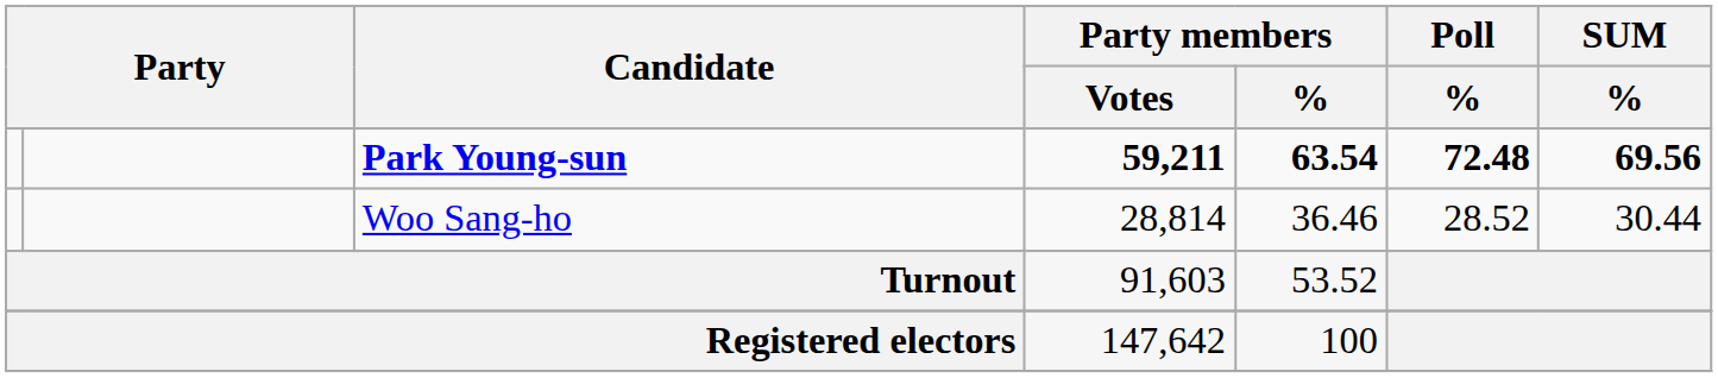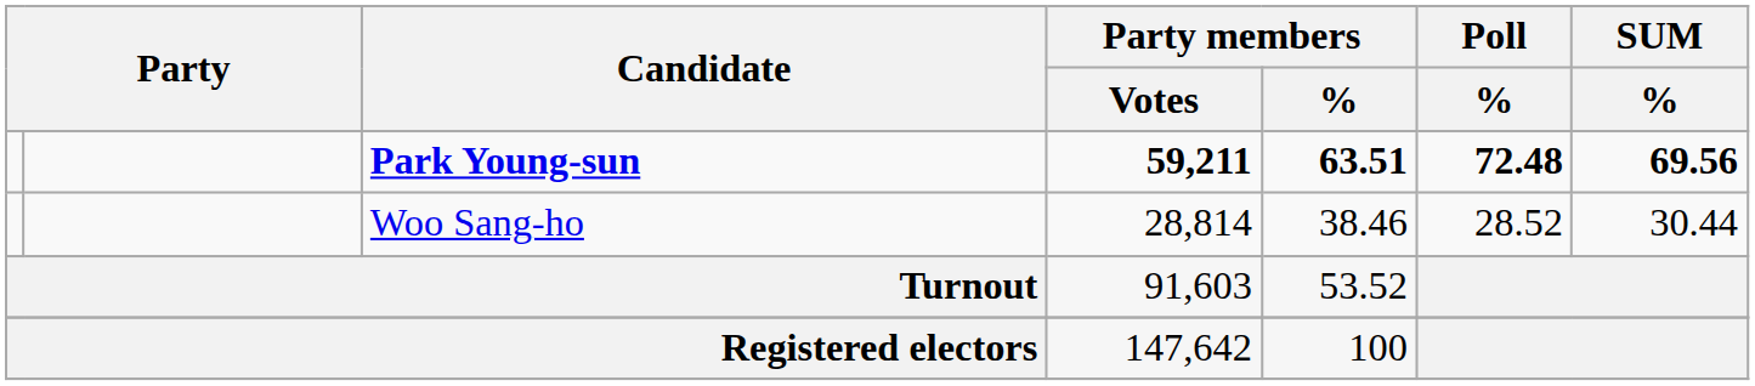 <table class=wikitable>
 <tr>
 <th colspan="2" rowspan="2" style="width: 130px">Party</th>
 <th rowspan="2" style="width: 17em">Candidate</th>
 <th colspan="2" style="width: 8.5em">Party members</th>
 <th scope="col" style="width: 3.5em">Poll</th>
 <th scope="col" style="width: 4em">SUM</th>
 </tr>
 <tr>
 <th scope="col" style="width: 5em">Votes</th>
 <th scope="col" style="width: 3.5em">%</th>
 <th scope="col" style="width: 3.5em">%</th>
 <th scope="col" style="width: 3.5em">%</th>
 </tr>
 <tr>
 <td style="background-color:"></td>
 <td style="width: 130px"><strong></strong></td>
 <td><strong><a href='#'>Park Young-sun</a></strong></td>
 <td style="text-align:right;"><strong>59,211</strong></td>
-<td style="text-align:right;"><strong>63.54</strong></td>
+<td style="text-align:right;"><strong>63.51</strong></td>
 <td style="text-align:right;"><strong>72.48</strong></td>
 <td style="text-align:right;"><strong>69.56</strong></td>
 </tr>
 <tr class="vcard">
 <td style="background-color:"></td>
 <td class="org" style="width: 130px"></td>
 <td class="fn"><a href='#'>Woo Sang-ho</a></td>
 <td style="text-align:right;">28,814</td>
-<td style="text-align:right;">36.46</td>
+<td style="text-align:right;">38.46</td>
 <td style="text-align:right;">28.52</td>
 <td style="text-align:right;">30.44</td>
 </tr>
 <tr style="background-color:#F6F6F6">
 <th colspan="3" style="text-align: right; margin-right: 0.5em">Turnout</th>
 <td style="text-align: right; margin-right: 0.5em">91,603</td>
 <td style="text-align: right; margin-right: 0.5em">53.52</td>
 <th colspan="2" style="text-align: right; margin-right: 0.5em"></th>
 </tr>
 <tr>
 </tr>
 <tr style="background-color:#F6F6F6">
 <th colspan="3" style="text-align: right; margin-right: 0.5em">Registered electors</th>
 <td style="text-align: right; margin-right: 0.5em">147,642</td>
 <td style="text-align: right; margin-right: 0.5em">100</td>
 <th colspan="2" style="text-align: right; margin-right: 0.5em"></th>
 </tr>
 <tr>
 </tr>
 </table>
